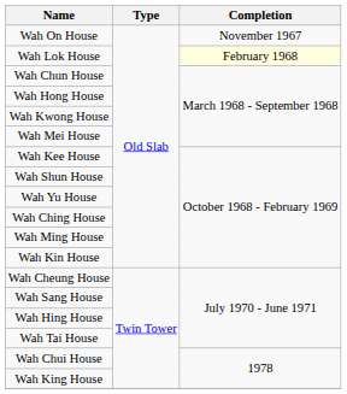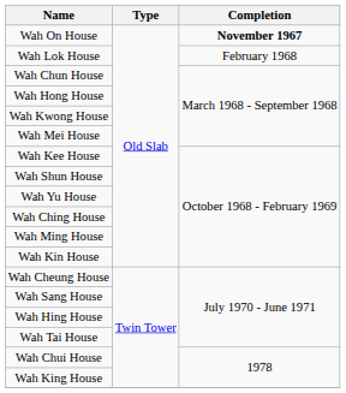 <table class="wikitable" style="text-align: center">
 <tr>
 <th>Name</th>
 <th>Type</th>
 <th>Completion</th>
 </tr>
 <tr>
 <td>Wah On House</td>
 <td rowspan="12"><a href='#'>Old Slab</a></td>
-<td rowspan="1">November 1967</td>
+<td rowspan="1"><strong>November 1967</strong></td>
 </tr>
 <tr>
 <td>Wah Lok House</td>
-<td rowspan="1" style="background: lightyellow;">February 1968</td>
+<td rowspan="1">February 1968</td>
 </tr>
 <tr>
 <td>Wah Chun House</td>
 <td rowspan="4">March 1968 - September 1968</td>
 </tr>
 <tr>
 <td>Wah Hong House</td>
 </tr>
 <tr>
 <td>Wah Kwong House</td>
 </tr>
 <tr>
 <td>Wah Mei House</td>
 </tr>
 <tr>
 <td>Wah Kee House</td>
 <td rowspan="6">October 1968 - February 1969</td>
 </tr>
 <tr>
 <td>Wah Shun House</td>
 </tr>
 <tr>
 <td>Wah Yu House</td>
 </tr>
 <tr>
 <td>Wah Ching House</td>
 </tr>
 <tr>
 <td>Wah Ming House</td>
 </tr>
 <tr>
 <td>Wah Kin House</td>
 </tr>
 <tr>
 <td>Wah Cheung House</td>
 <td rowspan="6"><a href='#'>Twin Tower</a></td>
 <td rowspan="4">July 1970 - June 1971</td>
 </tr>
 <tr>
 <td>Wah Sang House</td>
 </tr>
 <tr>
 <td>Wah Hing House</td>
 </tr>
 <tr>
 <td>Wah Tai House</td>
 </tr>
 <tr>
 <td>Wah Chui House</td>
 <td rowspan="2">1978</td>
 </tr>
 <tr>
 <td>Wah King House</td>
 </tr>
 <tr>
 </tr>
 </table>
